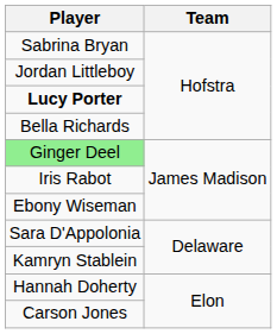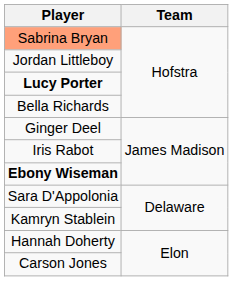 <table class="wikitable" style="text-align: center;">
 <tr>
 <th>Player</th>
 <th>Team</th>
 </tr>
 <tr>
-<td>Sabrina Bryan</td>
+<td style="background: lightsalmon;">Sabrina Bryan</td>
 <td rowspan=4>Hofstra</td>
 </tr>
 <tr>
 <td>Jordan Littleboy</td>
 </tr>
 <tr>
 <td><strong>Lucy Porter</strong></td>
 </tr>
 <tr>
 <td>Bella Richards</td>
 </tr>
 <tr>
-<td style="background: lightgreen;">Ginger Deel</td>
+<td>Ginger Deel</td>
 <td rowspan=3>James Madison</td>
 </tr>
 <tr>
 <td>Iris Rabot</td>
 </tr>
 <tr>
-<td>Ebony Wiseman</td>
+<td><strong>Ebony Wiseman</strong></td>
 </tr>
 <tr>
 <td>Sara D'Appolonia</td>
 <td rowspan=2>Delaware</td>
 </tr>
 <tr>
 <td>Kamryn Stablein</td>
 </tr>
 <tr>
 <td>Hannah Doherty</td>
 <td rowspan=2>Elon</td>
 </tr>
 <tr>
 <td>Carson Jones</td>
 </tr>
 </table>
